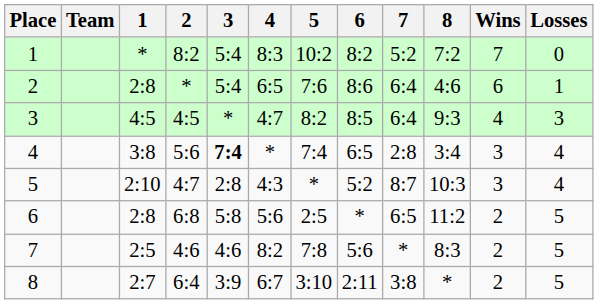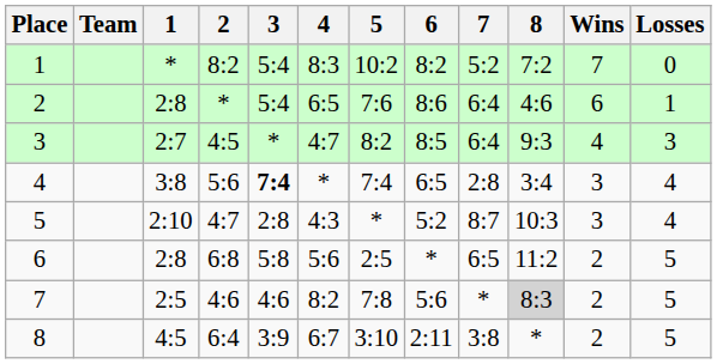 <table class="wikitable" style="text-align:center;">
 <tr>
 <th>Place</th>
 <th>Team</th>
 <th width="25">1</th>
 <th width="25">2</th>
 <th width="25">3</th>
 <th width="25">4</th>
 <th width="25">5</th>
 <th width="25">6</th>
 <th width="25">7</th>
 <th width="25">8</th>
 <th>Wins</th>
 <th>Losses</th>
 </tr>
 <tr bgcolor=#cfc>
 <td>1</td>
 <td align=left></td>
 <td>*</td>
 <td>8:2</td>
 <td>5:4</td>
 <td>8:3</td>
 <td>10:2</td>
 <td>8:2</td>
 <td>5:2</td>
 <td>7:2</td>
 <td>7</td>
 <td>0</td>
 </tr>
 <tr bgcolor=#cfc>
 <td>2</td>
 <td align=left></td>
 <td>2:8</td>
 <td>*</td>
 <td>5:4</td>
 <td>6:5</td>
 <td>7:6</td>
 <td>8:6</td>
 <td>6:4</td>
 <td>4:6</td>
 <td>6</td>
 <td>1</td>
 </tr>
 <tr bgcolor=#cfc>
 <td>3</td>
 <td align=left></td>
-<td>4:5</td>
+<td>2:7</td>
 <td>4:5</td>
 <td>*</td>
 <td>4:7</td>
 <td>8:2</td>
 <td>8:5</td>
 <td>6:4</td>
 <td>9:3</td>
 <td>4</td>
 <td>3</td>
 </tr>
 <tr>
 <td>4</td>
 <td align=left></td>
 <td>3:8</td>
 <td>5:6</td>
 <td><strong>7:4</strong></td>
 <td>*</td>
 <td>7:4</td>
 <td>6:5</td>
 <td>2:8</td>
 <td>3:4</td>
 <td>3</td>
 <td>4</td>
 </tr>
 <tr>
 <td>5</td>
 <td align=left></td>
 <td>2:10</td>
 <td>4:7</td>
 <td>2:8</td>
 <td>4:3</td>
 <td>*</td>
 <td>5:2</td>
 <td>8:7</td>
 <td>10:3</td>
 <td>3</td>
 <td>4</td>
 </tr>
 <tr>
 <td>6</td>
 <td align=left></td>
 <td>2:8</td>
 <td>6:8</td>
 <td>5:8</td>
 <td>5:6</td>
 <td>2:5</td>
 <td>*</td>
 <td>6:5</td>
 <td>11:2</td>
 <td>2</td>
 <td>5</td>
 </tr>
 <tr>
 <td>7</td>
 <td align=left></td>
 <td>2:5</td>
 <td>4:6</td>
 <td>4:6</td>
 <td>8:2</td>
 <td>7:8</td>
 <td>5:6</td>
 <td>*</td>
-<td>8:3</td>
+<td style="background: lightgrey;">8:3</td>
 <td>2</td>
 <td>5</td>
 </tr>
 <tr>
 <td>8</td>
 <td align=left></td>
-<td>2:7</td>
+<td>4:5</td>
 <td>6:4</td>
 <td>3:9</td>
 <td>6:7</td>
 <td>3:10</td>
 <td>2:11</td>
 <td>3:8</td>
 <td>*</td>
 <td>2</td>
 <td>5</td>
 </tr>
 </table>
